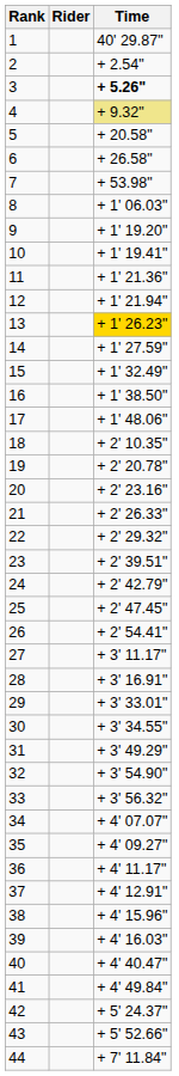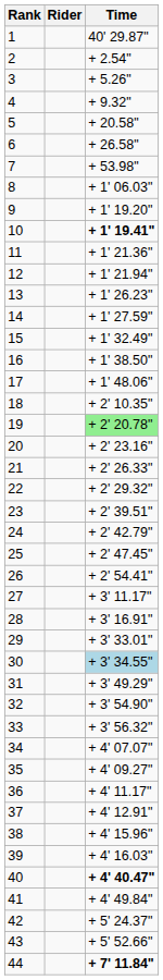 <table class="wikitable">
 <tr>
 <th>Rank</th>
 <th>Rider</th>
 <th>Time</th>
 </tr>
 <tr>
 <td>1</td>
 <td></td>
 <td>40' 29.87"</td>
 </tr>
 <tr>
 <td>2</td>
 <td></td>
 <td>+ 2.54"</td>
 </tr>
 <tr>
 <td>3</td>
 <td></td>
-<td><strong>+ 5.26"</strong></td>
+<td>+ 5.26"</td>
 </tr>
 <tr>
 <td>4</td>
 <td></td>
-<td style="background: khaki;">+ 9.32"</td>
+<td>+ 9.32"</td>
 </tr>
 <tr>
 <td>5</td>
 <td></td>
 <td>+ 20.58"</td>
 </tr>
 <tr>
 <td>6</td>
 <td></td>
 <td>+ 26.58"</td>
 </tr>
 <tr>
 <td>7</td>
 <td></td>
 <td>+ 53.98"</td>
 </tr>
 <tr>
 <td>8</td>
 <td></td>
 <td>+ 1' 06.03"</td>
 </tr>
 <tr>
 <td>9</td>
 <td></td>
 <td>+ 1' 19.20"</td>
 </tr>
 <tr>
 <td>10</td>
 <td></td>
-<td>+ 1' 19.41"</td>
+<td><strong>+ 1' 19.41"</strong></td>
 </tr>
 <tr>
 <td>11</td>
 <td></td>
 <td>+ 1' 21.36"</td>
 </tr>
 <tr>
 <td>12</td>
 <td></td>
 <td>+ 1' 21.94"</td>
 </tr>
 <tr>
 <td>13</td>
 <td></td>
-<td style="background: gold;">+ 1' 26.23"</td>
+<td>+ 1' 26.23"</td>
 </tr>
 <tr>
 <td>14</td>
 <td></td>
 <td>+ 1' 27.59"</td>
 </tr>
 <tr>
 <td>15</td>
 <td></td>
 <td>+ 1' 32.49"</td>
 </tr>
 <tr>
 <td>16</td>
 <td></td>
 <td>+ 1' 38.50"</td>
 </tr>
 <tr>
 <td>17</td>
 <td></td>
 <td>+ 1' 48.06"</td>
 </tr>
 <tr>
 <td>18</td>
 <td></td>
 <td>+ 2' 10.35"</td>
 </tr>
 <tr>
 <td>19</td>
 <td></td>
-<td>+ 2' 20.78"</td>
+<td style="background: lightgreen;">+ 2' 20.78"</td>
 </tr>
 <tr>
 <td>20</td>
 <td></td>
 <td>+ 2' 23.16"</td>
 </tr>
 <tr>
 <td>21</td>
 <td></td>
 <td>+ 2' 26.33"</td>
 </tr>
 <tr>
 <td>22</td>
 <td></td>
 <td>+ 2' 29.32"</td>
 </tr>
 <tr>
 <td>23</td>
 <td></td>
 <td>+ 2' 39.51"</td>
 </tr>
 <tr>
 <td>24</td>
 <td></td>
 <td>+ 2' 42.79"</td>
 </tr>
 <tr>
 <td>25</td>
 <td></td>
 <td>+ 2' 47.45"</td>
 </tr>
 <tr>
 <td>26</td>
 <td></td>
 <td>+ 2' 54.41"</td>
 </tr>
 <tr>
 <td>27</td>
 <td></td>
 <td>+ 3' 11.17"</td>
 </tr>
 <tr>
 <td>28</td>
 <td></td>
 <td>+ 3' 16.91"</td>
 </tr>
 <tr>
 <td>29</td>
 <td></td>
 <td>+ 3' 33.01"</td>
 </tr>
 <tr>
 <td>30</td>
 <td></td>
-<td>+ 3' 34.55"</td>
+<td style="background: lightblue;">+ 3' 34.55"</td>
 </tr>
 <tr>
 <td>31</td>
 <td></td>
 <td>+ 3' 49.29"</td>
 </tr>
 <tr>
 <td>32</td>
 <td></td>
 <td>+ 3' 54.90"</td>
 </tr>
 <tr>
 <td>33</td>
 <td></td>
 <td>+ 3' 56.32"</td>
 </tr>
 <tr>
 <td>34</td>
 <td></td>
 <td>+ 4' 07.07"</td>
 </tr>
 <tr>
 <td>35</td>
 <td></td>
 <td>+ 4' 09.27"</td>
 </tr>
 <tr>
 <td>36</td>
 <td></td>
 <td>+ 4' 11.17"</td>
 </tr>
 <tr>
 <td>37</td>
 <td></td>
 <td>+ 4' 12.91"</td>
 </tr>
 <tr>
 <td>38</td>
 <td></td>
 <td>+ 4' 15.96"</td>
 </tr>
 <tr>
 <td>39</td>
 <td></td>
 <td>+ 4' 16.03"</td>
 </tr>
 <tr>
 <td>40</td>
 <td></td>
-<td>+ 4' 40.47"</td>
+<td><strong>+ 4' 40.47"</strong></td>
 </tr>
 <tr>
 <td>41</td>
 <td></td>
 <td>+ 4' 49.84"</td>
 </tr>
 <tr>
 <td>42</td>
 <td></td>
 <td>+ 5' 24.37"</td>
 </tr>
 <tr>
 <td>43</td>
 <td></td>
 <td>+ 5' 52.66"</td>
 </tr>
 <tr>
 <td>44</td>
 <td></td>
-<td>+ 7' 11.84"</td>
+<td><strong>+ 7' 11.84"</strong></td>
 </tr>
 </table>
